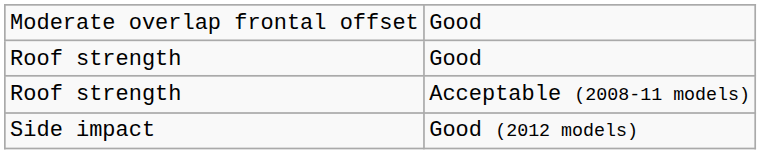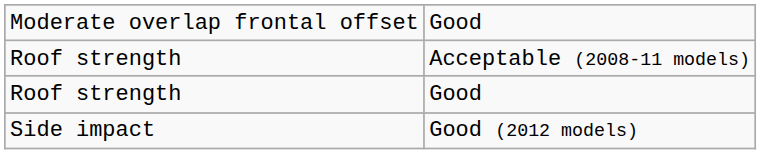 <table class="wikitable">
 <tr>
 <td>Moderate overlap frontal offset</td>
 <td>Good</td>
 </tr>
 <tr>
 <td>Roof strength</td>
-<td>Good</td>
+<td>Acceptable <small>(2008-11 models)</small></td>
 </tr>
 <tr>
 <td>Roof strength</td>
-<td>Acceptable <small>(2008-11 models)</small></td>
+<td>Good</td>
 </tr>
 <tr>
 <td>Side impact</td>
 <td>Good <small>(2012 models)</small></td>
 </tr>
 </table>
